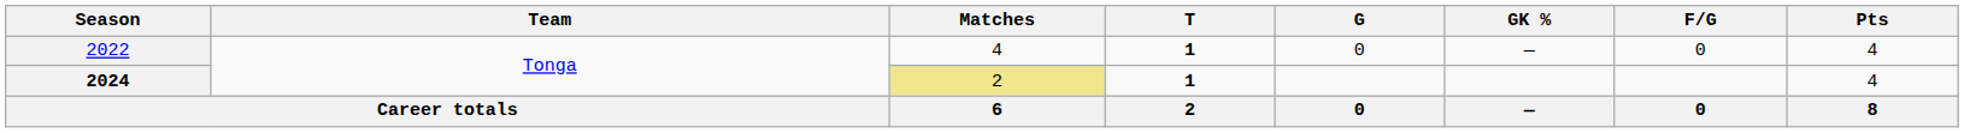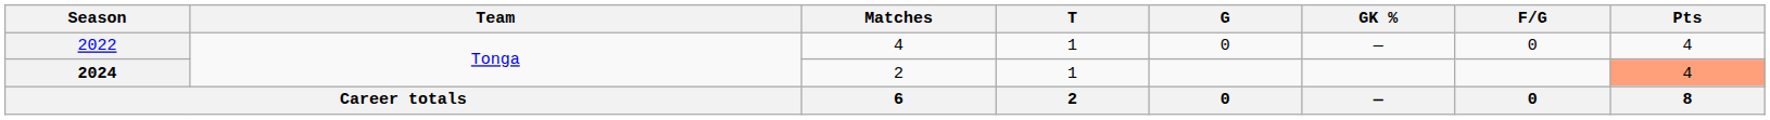 <table class="wikitable sortable"  style="font-size:90%; text-align:center; width:80%;">
 <tr>
 <th width=2%>Season</th>
 <th width=8%>Team</th>
 <th width=2%>Matches</th>
 <th width=2%>T</th>
 <th width=2%>G</th>
 <th width=2%>GK %</th>
 <th width=2%>F/G</th>
 <th width=2%>Pts</th>
 </tr>
 <tr>
 <th scope="row" style="text-align:center; font-weight:normal"><a href='#'>2022</a></th>
 <td rowspan="2" style="text-align:center;"> <a href='#'>Tonga</a></td>
 <td>4</td>
-<td><strong>1</strong></td>
+<td>1</td>
 <td>0</td>
 <td>—</td>
 <td>0</td>
 <td>4</td>
 </tr>
 <tr>
 <th>2024</th>
-<td style="background: khaki;">2</td>
-<td><strong>1</strong></td>
+<td>2</td>
+<td>1</td>
 <td></td>
 <td></td>
 <td></td>
-<td>4</td>
+<td style="background: lightsalmon;">4</td>
 </tr>
 <tr class="sortbottom">
 <th colspan="2">Career totals</th>
 <th>6</th>
 <th>2</th>
 <th>0</th>
 <th>—</th>
 <th>0</th>
 <th>8</th>
 </tr>
 </table>
